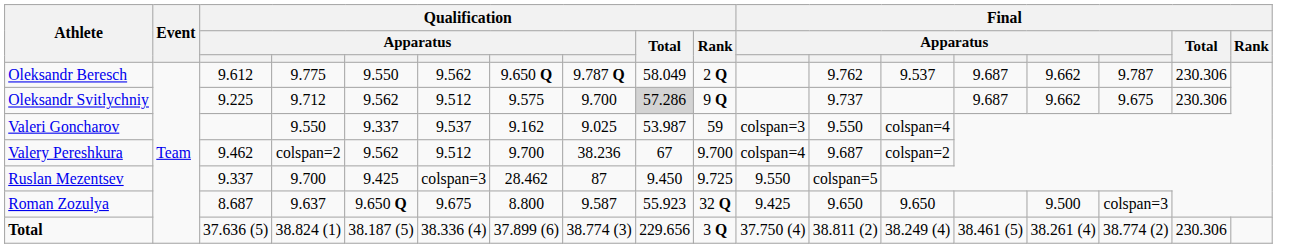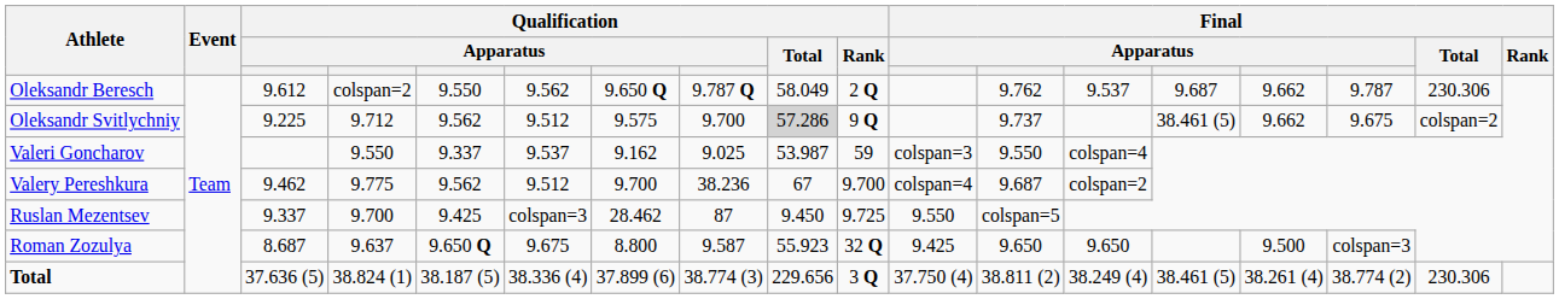 <table class="wikitable" style="font-size:90%">
 <tr>
 <th rowspan=3>Athlete</th>
 <th rowspan=3>Event</th>
 <th colspan =8>Qualification</th>
 <th colspan =8>Final</th>
 </tr>
 <tr style="font-size:95%">
 <th colspan=6>Apparatus</th>
 <th rowspan=2>Total</th>
 <th rowspan=2>Rank</th>
 <th colspan=6>Apparatus</th>
 <th rowspan=2>Total</th>
 <th rowspan=2>Rank</th>
 </tr>
 <tr style="font-size:95%">
 <th></th>
 <th></th>
 <th></th>
 <th></th>
 <th></th>
 <th></th>
 <th></th>
 <th></th>
 <th></th>
 <th></th>
 <th></th>
 <th></th>
 </tr>
 <tr align=center>
 <td align=left><a href='#'>Oleksandr Beresch</a></td>
 <td align=left rowspan=7><a href='#'>Team</a></td>
 <td>9.612</td>
-<td>9.775</td>
+<td>colspan=2 </td>
 <td>9.550</td>
 <td>9.562</td>
 <td>9.650	<strong>Q</strong></td>
 <td>9.787	<strong>Q</strong></td>
 <td>58.049</td>
 <td>2 <strong>Q</strong></td>
 <td></td>
 <td>9.762</td>
 <td>9.537</td>
 <td>9.687</td>
 <td>9.662</td>
 <td>9.787</td>
 <td>230.306</td>
 </tr>
 <tr align=center>
 <td align=left><a href='#'>Oleksandr Svitlychniy</a></td>
 <td>9.225</td>
 <td>9.712</td>
 <td>9.562</td>
 <td>9.512</td>
 <td>9.575</td>
 <td>9.700</td>
 <td style="background: lightgrey;">57.286</td>
 <td>9 <strong>Q</strong></td>
 <td></td>
 <td>9.737</td>
 <td></td>
-<td>9.687</td>
+<td>38.461 (5)</td>
 <td>9.662</td>
 <td>9.675</td>
-<td>230.306</td>
+<td>colspan=2 </td>
 </tr>
 <tr align=center>
 <td align=left><a href='#'>Valeri Goncharov</a></td>
 <td></td>
 <td>9.550</td>
 <td>9.337</td>
 <td>9.537</td>
 <td>9.162</td>
 <td>9.025</td>
 <td>53.987</td>
 <td>59</td>
 <td>colspan=3 </td>
 <td>9.550</td>
 <td>colspan=4 </td>
 </tr>
 <tr align=center>
 <td align=left><a href='#'>Valery Pereshkura</a></td>
 <td>9.462</td>
-<td>colspan=2 </td>
+<td>9.775</td>
 <td>9.562</td>
 <td>9.512</td>
 <td>9.700</td>
 <td>38.236</td>
 <td>67</td>
 <td>9.700</td>
 <td>colspan=4 </td>
 <td>9.687</td>
 <td>colspan=2 </td>
 </tr>
 <tr align=center>
 <td align=left><a href='#'>Ruslan Mezentsev</a></td>
 <td>9.337</td>
 <td>9.700</td>
 <td>9.425</td>
 <td>colspan=3 </td>
 <td>28.462</td>
 <td>87</td>
 <td>9.450</td>
 <td>9.725</td>
 <td>9.550</td>
 <td>colspan=5 </td>
 </tr>
 <tr align=center>
 <td align=left><a href='#'>Roman Zozulya</a></td>
 <td>8.687</td>
 <td>9.637</td>
 <td>9.650 <strong>Q</strong></td>
 <td>9.675</td>
 <td>8.800</td>
 <td>9.587</td>
 <td>55.923</td>
 <td>32 <strong>Q</strong></td>
 <td>9.425</td>
 <td>9.650</td>
 <td>9.650</td>
 <td></td>
 <td>9.500</td>
 <td>colspan=3 </td>
 </tr>
 <tr align=center>
 <td align=left><strong>Total</strong></td>
 <td>37.636	(5)</td>
 <td>38.824	(1)</td>
 <td>38.187	(5)</td>
 <td>38.336	(4)</td>
 <td>37.899	(6)</td>
 <td>38.774	(3)</td>
 <td>229.656</td>
 <td>3 <strong>Q</strong></td>
 <td>37.750 (4)</td>
 <td>38.811 (2)</td>
 <td>38.249 (4)</td>
 <td>38.461 (5)</td>
 <td>38.261 (4)</td>
 <td>38.774 (2)</td>
 <td>230.306</td>
 <td></td>
 </tr>
 </table>
